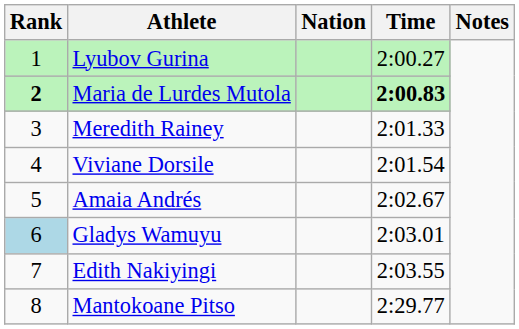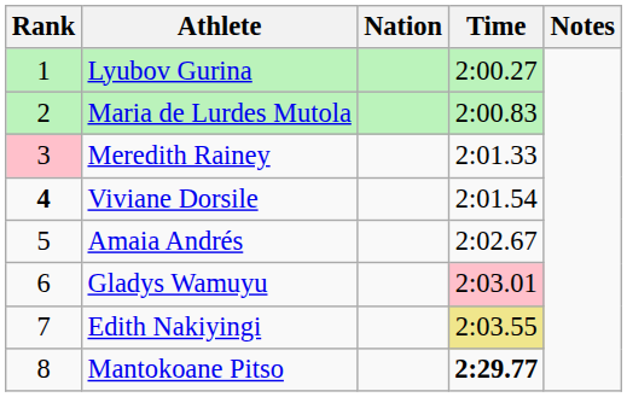 <table class="wikitable sortable" style="text-align:center">
 <tr>
 <th>Rank</th>
 <th>Athlete</th>
 <th>Nation</th>
 <th>Time</th>
 <th>Notes</th>
 </tr>
 <tr style="background:#bbf3bb;">
 <td>1</td>
 <td align=left><a href='#'>Lyubov Gurina</a></td>
 <td align=left></td>
 <td>2:00.27</td>
 </tr>
 <tr style="background:#bbf3bb;">
-<td><strong>2</strong></td>
+<td>2</td>
 <td align=left><a href='#'>Maria de Lurdes Mutola</a></td>
 <td align=left></td>
-<td><strong>2:00.83</strong></td>
+<td>2:00.83</td>
 </tr>
 <tr>
-<td>3</td>
+<td style="background: pink;">3</td>
 <td align=left><a href='#'>Meredith Rainey</a></td>
 <td align=left></td>
 <td>2:01.33</td>
 </tr>
 <tr>
-<td>4</td>
+<td><strong>4</strong></td>
 <td align=left><a href='#'>Viviane Dorsile</a></td>
 <td align=left></td>
 <td>2:01.54</td>
 </tr>
 <tr>
 <td>5</td>
 <td align=left><a href='#'>Amaia Andrés</a></td>
 <td align=left></td>
 <td>2:02.67</td>
 </tr>
 <tr>
-<td style="background: lightblue;">6</td>
+<td>6</td>
 <td align=left><a href='#'>Gladys Wamuyu</a></td>
 <td align=left></td>
-<td>2:03.01</td>
+<td style="background: pink;">2:03.01</td>
 </tr>
 <tr>
 <td>7</td>
 <td align=left><a href='#'>Edith Nakiyingi</a></td>
 <td align=left></td>
-<td>2:03.55</td>
+<td style="background: khaki;">2:03.55</td>
 </tr>
 <tr>
 <td>8</td>
 <td align=left><a href='#'>Mantokoane Pitso</a></td>
 <td align=left></td>
-<td>2:29.77</td>
+<td><strong>2:29.77</strong></td>
 </tr>
 </table>
